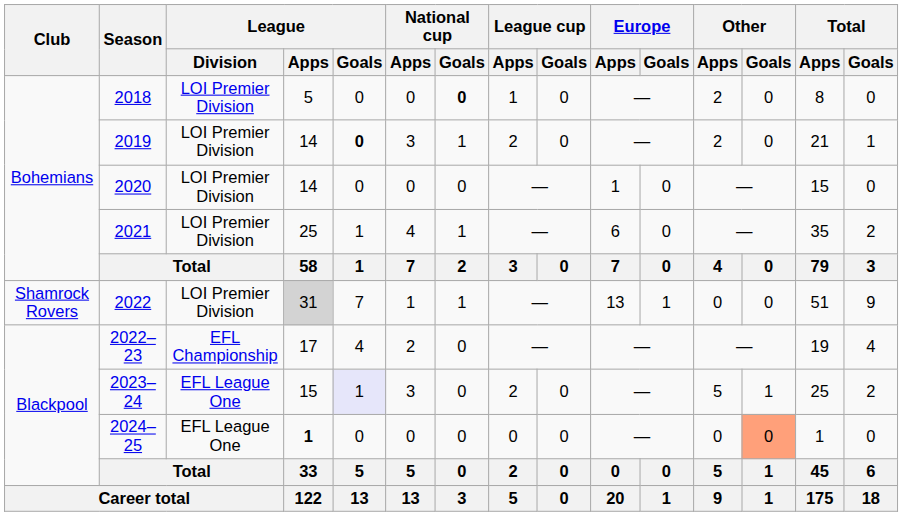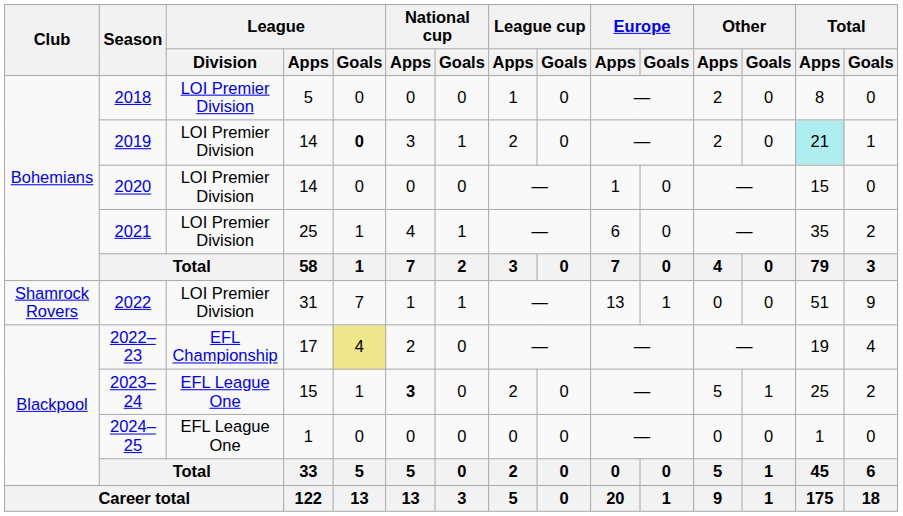 <table class="wikitable" style="text-align:center">
 <tr>
 <th rowspan="2">Club</th>
 <th rowspan="2">Season</th>
 <th colspan="3">League</th>
 <th colspan="2">National cup</th>
 <th colspan="2">League cup</th>
 <th colspan="2"><a href='#'>Europe</a></th>
 <th colspan="2">Other</th>
 <th colspan="2">Total</th>
 </tr>
 <tr>
 <th>Division</th>
 <th>Apps</th>
 <th>Goals</th>
 <th>Apps</th>
 <th>Goals</th>
 <th>Apps</th>
 <th>Goals</th>
 <th>Apps</th>
 <th>Goals</th>
 <th>Apps</th>
 <th>Goals</th>
 <th>Apps</th>
 <th>Goals</th>
 </tr>
 <tr>
 <td rowspan="5"><a href='#'>Bohemians</a></td>
 <td><a href='#'>2018</a></td>
 <td><a href='#'>LOI Premier Division</a></td>
 <td>5</td>
 <td>0</td>
 <td>0</td>
-<td><strong>0</strong></td>
+<td>0</td>
 <td>1</td>
 <td>0</td>
 <td colspan="2">—</td>
 <td>2</td>
 <td>0</td>
 <td>8</td>
 <td>0</td>
 </tr>
 <tr>
 <td><a href='#'>2019</a></td>
 <td>LOI Premier Division</td>
 <td>14</td>
 <td><strong>0</strong></td>
 <td>3</td>
 <td>1</td>
 <td>2</td>
 <td>0</td>
 <td colspan="2">—</td>
 <td>2</td>
 <td>0</td>
-<td>21</td>
+<td style="background: paleturquoise;">21</td>
 <td>1</td>
 </tr>
 <tr>
 <td><a href='#'>2020</a></td>
 <td>LOI Premier Division</td>
 <td>14</td>
 <td>0</td>
 <td>0</td>
 <td>0</td>
 <td colspan="2">—</td>
 <td>1</td>
 <td>0</td>
 <td colspan="2">—</td>
 <td>15</td>
 <td>0</td>
 </tr>
 <tr>
 <td><a href='#'>2021</a></td>
 <td>LOI Premier Division</td>
 <td>25</td>
 <td>1</td>
 <td>4</td>
 <td>1</td>
 <td colspan="2">—</td>
 <td>6</td>
 <td>0</td>
 <td colspan="2">—</td>
 <td>35</td>
 <td>2</td>
 </tr>
 <tr>
 <th colspan="2">Total</th>
 <th>58</th>
 <th>1</th>
 <th>7</th>
 <th>2</th>
 <th>3</th>
 <th>0</th>
 <th>7</th>
 <th>0</th>
 <th>4</th>
 <th>0</th>
 <th>79</th>
 <th>3</th>
 </tr>
 <tr>
 <td><a href='#'>Shamrock Rovers</a></td>
 <td><a href='#'>2022</a></td>
 <td>LOI Premier Division</td>
-<td style="background: lightgrey;">31</td>
+<td>31</td>
 <td>7</td>
 <td>1</td>
 <td>1</td>
 <td colspan="2">—</td>
 <td>13</td>
 <td>1</td>
 <td>0</td>
 <td>0</td>
 <td>51</td>
 <td>9</td>
 </tr>
 <tr>
 <td rowspan="4"><a href='#'>Blackpool</a></td>
 <td><a href='#'>2022–23</a></td>
 <td><a href='#'>EFL Championship</a></td>
 <td>17</td>
-<td>4</td>
+<td style="background: khaki;">4</td>
 <td>2</td>
 <td>0</td>
 <td colspan="2">—</td>
 <td colspan="2">—</td>
 <td colspan="2">—</td>
 <td>19</td>
 <td>4</td>
 </tr>
 <tr>
 <td><a href='#'>2023–24</a></td>
 <td><a href='#'>EFL League One</a></td>
 <td>15</td>
-<td style="background: lavender;">1</td>
-<td>3</td>
+<td>1</td>
+<td><strong>3</strong></td>
 <td>0</td>
 <td>2</td>
 <td>0</td>
 <td colspan="2">—</td>
 <td>5</td>
 <td>1</td>
 <td>25</td>
 <td>2</td>
 </tr>
 <tr>
 <td><a href='#'>2024–25</a></td>
 <td>EFL League One</td>
-<td><strong>1</strong></td>
+<td>1</td>
 <td>0</td>
 <td>0</td>
 <td>0</td>
 <td>0</td>
 <td>0</td>
 <td colspan="2">—</td>
 <td>0</td>
-<td style="background: lightsalmon;">0</td>
+<td>0</td>
 <td>1</td>
 <td>0</td>
 </tr>
 <tr>
 <th colspan="2">Total</th>
 <th>33</th>
 <th>5</th>
 <th>5</th>
 <th>0</th>
 <th>2</th>
 <th>0</th>
 <th>0</th>
 <th>0</th>
 <th>5</th>
 <th>1</th>
 <th>45</th>
 <th>6</th>
 </tr>
 <tr>
 <th colspan="3">Career total</th>
 <th>122</th>
 <th>13</th>
 <th>13</th>
 <th>3</th>
 <th>5</th>
 <th>0</th>
 <th>20</th>
 <th>1</th>
 <th>9</th>
 <th>1</th>
 <th>175</th>
 <th>18</th>
 </tr>
 </table>
